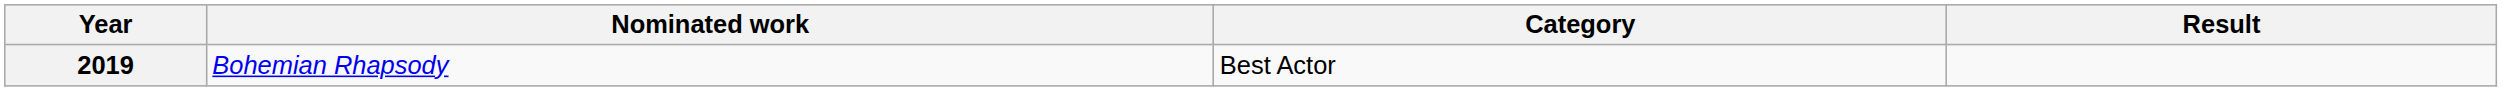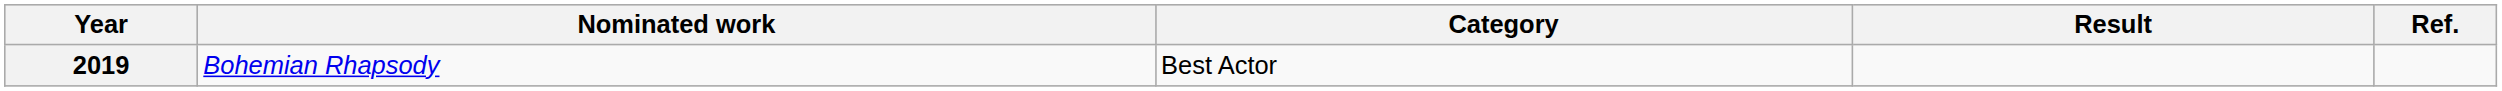 <table class="wikitable">
 <tr>
 <th width=2%>Year</th>
 <th width=11%>Nominated work</th>
 <th width=8%>Category</th>
 <th width=6%>Result</th>
+<th width=1%>Ref.</th>
 </tr>
 <tr>
 <th scope=row>2019</th>
 <td><em><a href='#'>Bohemian Rhapsody</a></em></td>
 <td>Best Actor</td>
 <td></td>
+<td style="text-align:center;"><br></td>
 </tr>
 </table>
